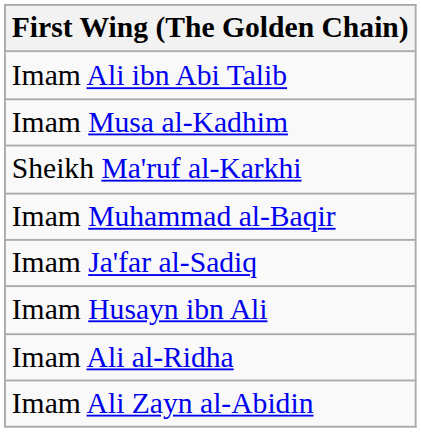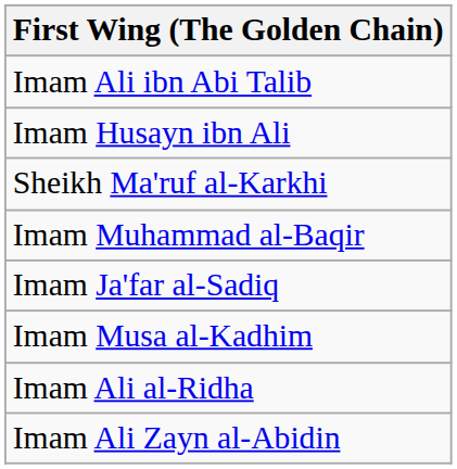 <table class="wikitable">
 <tr>
 <th>First Wing (The Golden Chain)</th>
 </tr>
 <tr>
 <td>Imam <a href='#'>Ali ibn Abi Talib</a></td>
 </tr>
 <tr>
-<td>Imam <a href='#'>Musa al-Kadhim</a></td>
+<td>Imam <a href='#'>Husayn ibn Ali</a></td>
 </tr>
 <tr>
 <td>Sheikh <a href='#'>Ma'ruf al-Karkhi</a></td>
 </tr>
 <tr>
 <td>Imam <a href='#'>Muhammad al-Baqir</a></td>
 </tr>
 <tr>
 <td>Imam <a href='#'>Ja'far al-Sadiq</a></td>
 </tr>
 <tr>
-<td>Imam <a href='#'>Husayn ibn Ali</a></td>
+<td>Imam <a href='#'>Musa al-Kadhim</a></td>
 </tr>
 <tr>
 <td>Imam <a href='#'>Ali al-Ridha</a></td>
 </tr>
 <tr>
 <td>Imam <a href='#'>Ali Zayn al-Abidin</a></td>
 </tr>
 </table>
